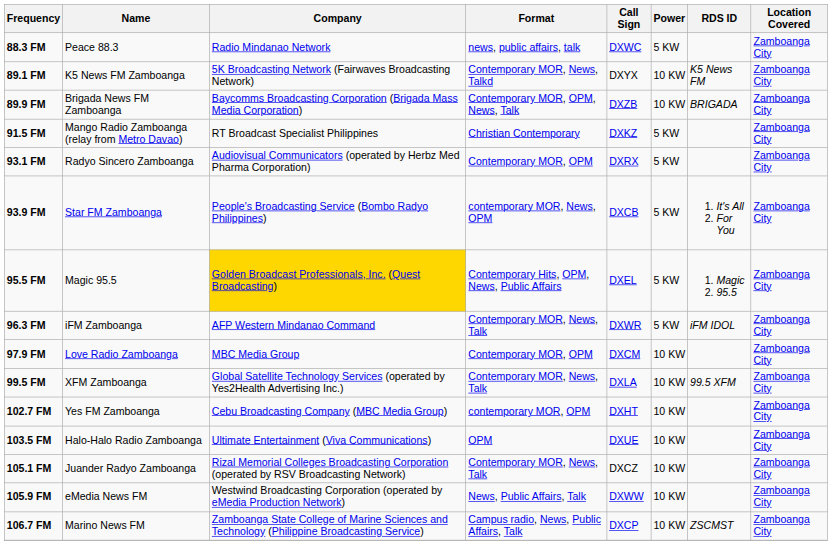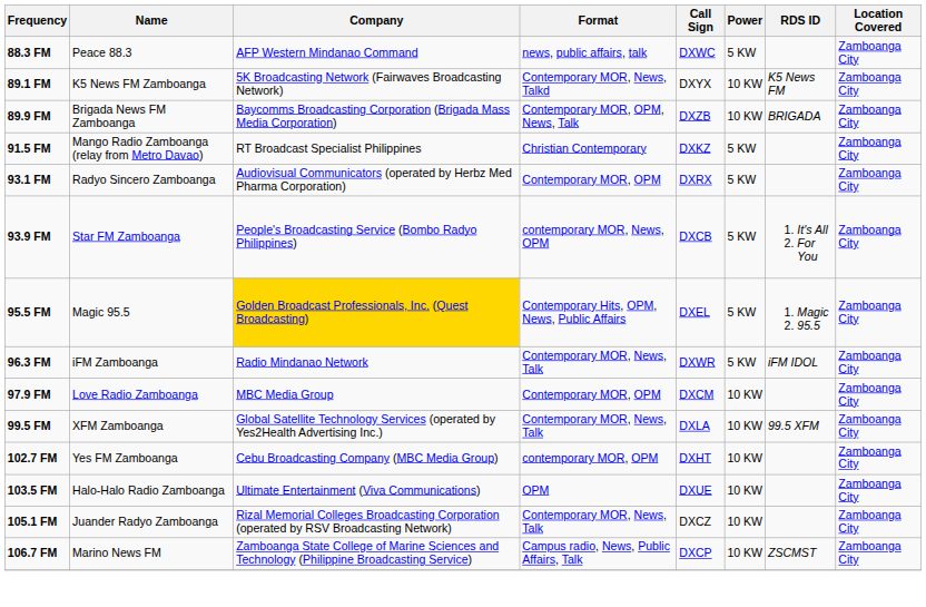 <table class="sortable wikitable">
 <tr>
 <th>Frequency</th>
 <th>Name</th>
 <th>Company</th>
 <th>Format</th>
 <th>Call Sign</th>
 <th>Power</th>
 <th>RDS ID</th>
 <th>Location Covered</th>
 </tr>
 <tr>
 <td><strong>88.3 FM</strong></td>
 <td>Peace 88.3</td>
-<td><a href='#'>Radio Mindanao Network</a></td>
+<td><a href='#'>AFP Western Mindanao Command</a></td>
 <td><a href='#'>news</a>, <a href='#'>public affairs</a>, <a href='#'>talk</a></td>
 <td><a href='#'>DXWC</a></td>
 <td>5 KW</td>
 <td></td>
 <td><a href='#'>Zamboanga City</a></td>
 </tr>
 <tr>
 <td><strong>89.1 FM</strong></td>
 <td>K5 News FM Zamboanga</td>
 <td><a href='#'>5K Broadcasting Network</a> (Fairwaves Broadcasting Network)</td>
 <td><a href='#'>Contemporary MOR</a>, <a href='#'>News</a>, <a href='#'>Talkd</a></td>
 <td>DXYX</td>
 <td>10 KW</td>
 <td><em>K5 News FM</em></td>
 <td><a href='#'>Zamboanga City</a></td>
 </tr>
 <tr>
 <td><strong>89.9 FM</strong></td>
 <td>Brigada News FM Zamboanga</td>
 <td><a href='#'>Baycomms Broadcasting Corporation</a> (<a href='#'>Brigada Mass Media Corporation</a>)</td>
 <td><a href='#'>Contemporary MOR</a>, <a href='#'>OPM</a>, <a href='#'>News</a>, <a href='#'>Talk</a></td>
 <td><a href='#'>DXZB</a></td>
 <td>10 KW</td>
 <td><em>BRIGADA</em></td>
 <td><a href='#'>Zamboanga City</a></td>
 </tr>
 <tr>
 <td><strong>91.5 FM</strong></td>
 <td>Mango Radio Zamboanga (relay from <a href='#'>Metro Davao</a>)</td>
 <td>RT Broadcast Specialist Philippines</td>
 <td><a href='#'>Christian Contemporary</a></td>
 <td><a href='#'>DXKZ</a></td>
 <td>5 KW</td>
 <td></td>
 <td><a href='#'>Zamboanga City</a></td>
 </tr>
 <tr>
 <td><strong>93.1 FM</strong></td>
 <td>Radyo Sincero Zamboanga</td>
 <td><a href='#'>Audiovisual Communicators</a> (operated by Herbz Med Pharma Corporation)</td>
 <td><a href='#'>Contemporary MOR</a>, <a href='#'>OPM</a></td>
 <td><a href='#'>DXRX</a></td>
 <td>5 KW</td>
 <td></td>
 <td><a href='#'>Zamboanga City</a></td>
 </tr>
 <tr>
 <td><strong>93.9 FM</strong></td>
 <td><a href='#'>Star FM Zamboanga</a></td>
 <td><a href='#'>People's Broadcasting Service</a> (<a href='#'>Bombo Radyo Philippines</a>)</td>
 <td><a href='#'>contemporary MOR</a>, <a href='#'>News</a>, <a href='#'>OPM</a></td>
 <td><a href='#'>DXCB</a></td>
 <td>5 KW</td>
 <td><br><ol><li><em>It's All</em></li><li><em>For You</em></li></ol></td>
 <td><a href='#'>Zamboanga City</a></td>
 </tr>
 <tr>
 <td><strong>95.5 FM</strong></td>
 <td>Magic 95.5</td>
 <td style="background: gold;"><a href='#'>Golden Broadcast Professionals, Inc.</a> (<a href='#'>Quest Broadcasting</a>)</td>
 <td><a href='#'>Contemporary Hits</a>, <a href='#'>OPM</a>, <a href='#'>News</a>, <a href='#'>Public Affairs</a></td>
 <td><a href='#'>DXEL</a></td>
 <td>5 KW</td>
 <td><br><ol><li><em>Magic</em></li><li><em>95.5</em></li></ol></td>
 <td><a href='#'>Zamboanga City</a></td>
 </tr>
 <tr>
 <td><strong>96.3 FM</strong></td>
 <td>iFM Zamboanga</td>
-<td><a href='#'>AFP Western Mindanao Command</a></td>
+<td><a href='#'>Radio Mindanao Network</a></td>
 <td><a href='#'>Contemporary MOR</a>, <a href='#'>News</a>, <a href='#'>Talk</a></td>
 <td><a href='#'>DXWR</a></td>
 <td>5 KW</td>
 <td><em>iFM IDOL</em></td>
 <td><a href='#'>Zamboanga City</a></td>
 </tr>
 <tr>
 <td><strong>97.9 FM</strong></td>
 <td><a href='#'>Love Radio Zamboanga</a></td>
 <td><a href='#'>MBC Media Group</a></td>
 <td><a href='#'>Contemporary MOR</a>, <a href='#'>OPM</a></td>
 <td><a href='#'>DXCM</a></td>
 <td>10 KW</td>
 <td></td>
 <td><a href='#'>Zamboanga City</a></td>
 </tr>
 <tr>
 <td><strong>99.5 FM</strong></td>
 <td>XFM Zamboanga</td>
 <td><a href='#'>Global Satellite Technology Services</a> (operated by Yes2Health Advertising Inc.)</td>
 <td><a href='#'>Contemporary MOR</a>, <a href='#'>News</a>, <a href='#'>Talk</a></td>
 <td><a href='#'>DXLA</a></td>
 <td>10 KW</td>
 <td><em>99.5 XFM</em></td>
 <td><a href='#'>Zamboanga City</a></td>
 </tr>
 <tr>
 <td><strong>102.7 FM</strong></td>
 <td>Yes FM Zamboanga</td>
 <td><a href='#'>Cebu Broadcasting Company</a> (<a href='#'>MBC Media Group</a>)</td>
 <td><a href='#'>contemporary MOR</a>, <a href='#'>OPM</a></td>
 <td><a href='#'>DXHT</a></td>
 <td>10 KW</td>
 <td></td>
 <td><a href='#'>Zamboanga City</a></td>
 </tr>
 <tr>
 <td><strong>103.5 FM</strong></td>
 <td>Halo-Halo Radio Zamboanga</td>
 <td><a href='#'>Ultimate Entertainment</a> (<a href='#'>Viva Communications</a>)</td>
 <td><a href='#'>OPM</a></td>
 <td><a href='#'>DXUE</a></td>
 <td>10 KW</td>
 <td></td>
 <td><a href='#'>Zamboanga City</a></td>
 </tr>
 <tr>
 <td><strong>105.1 FM</strong></td>
 <td>Juander Radyo Zamboanga</td>
 <td><a href='#'>Rizal Memorial Colleges Broadcasting Corporation</a> (operated by RSV Broadcasting Network)</td>
 <td><a href='#'>Contemporary MOR</a>, <a href='#'>News</a>, <a href='#'>Talk</a></td>
 <td>DXCZ</td>
 <td>10 KW</td>
 <td></td>
 <td><a href='#'>Zamboanga City</a></td>
 </tr>
 <tr>
-<td><strong>105.9 FM</strong></td>
-<td>eMedia News FM</td>
-<td>Westwind Broadcasting Corporation (operated by <a href='#'>eMedia Production Network</a>)</td>
-<td><a href='#'>News</a>, <a href='#'>Public Affairs</a>, <a href='#'>Talk</a></td>
-<td><a href='#'>DXWW</a></td>
-<td>10 KW</td>
-<td></td>
-<td><a href='#'>Zamboanga City</a></td>
-</tr>
-<tr>
 <td><strong>106.7 FM</strong></td>
 <td>Marino News FM</td>
 <td><a href='#'>Zamboanga State College of Marine Sciences and Technology</a> (<a href='#'>Philippine Broadcasting Service</a>)</td>
 <td><a href='#'>Campus radio</a>, <a href='#'>News</a>, <a href='#'>Public Affairs</a>, <a href='#'>Talk</a></td>
 <td><a href='#'>DXCP</a></td>
 <td>10 KW</td>
 <td><em>ZSCMST</em></td>
 <td><a href='#'>Zamboanga City</a></td>
 </tr>
 <tr>
 </tr>
 </table>
